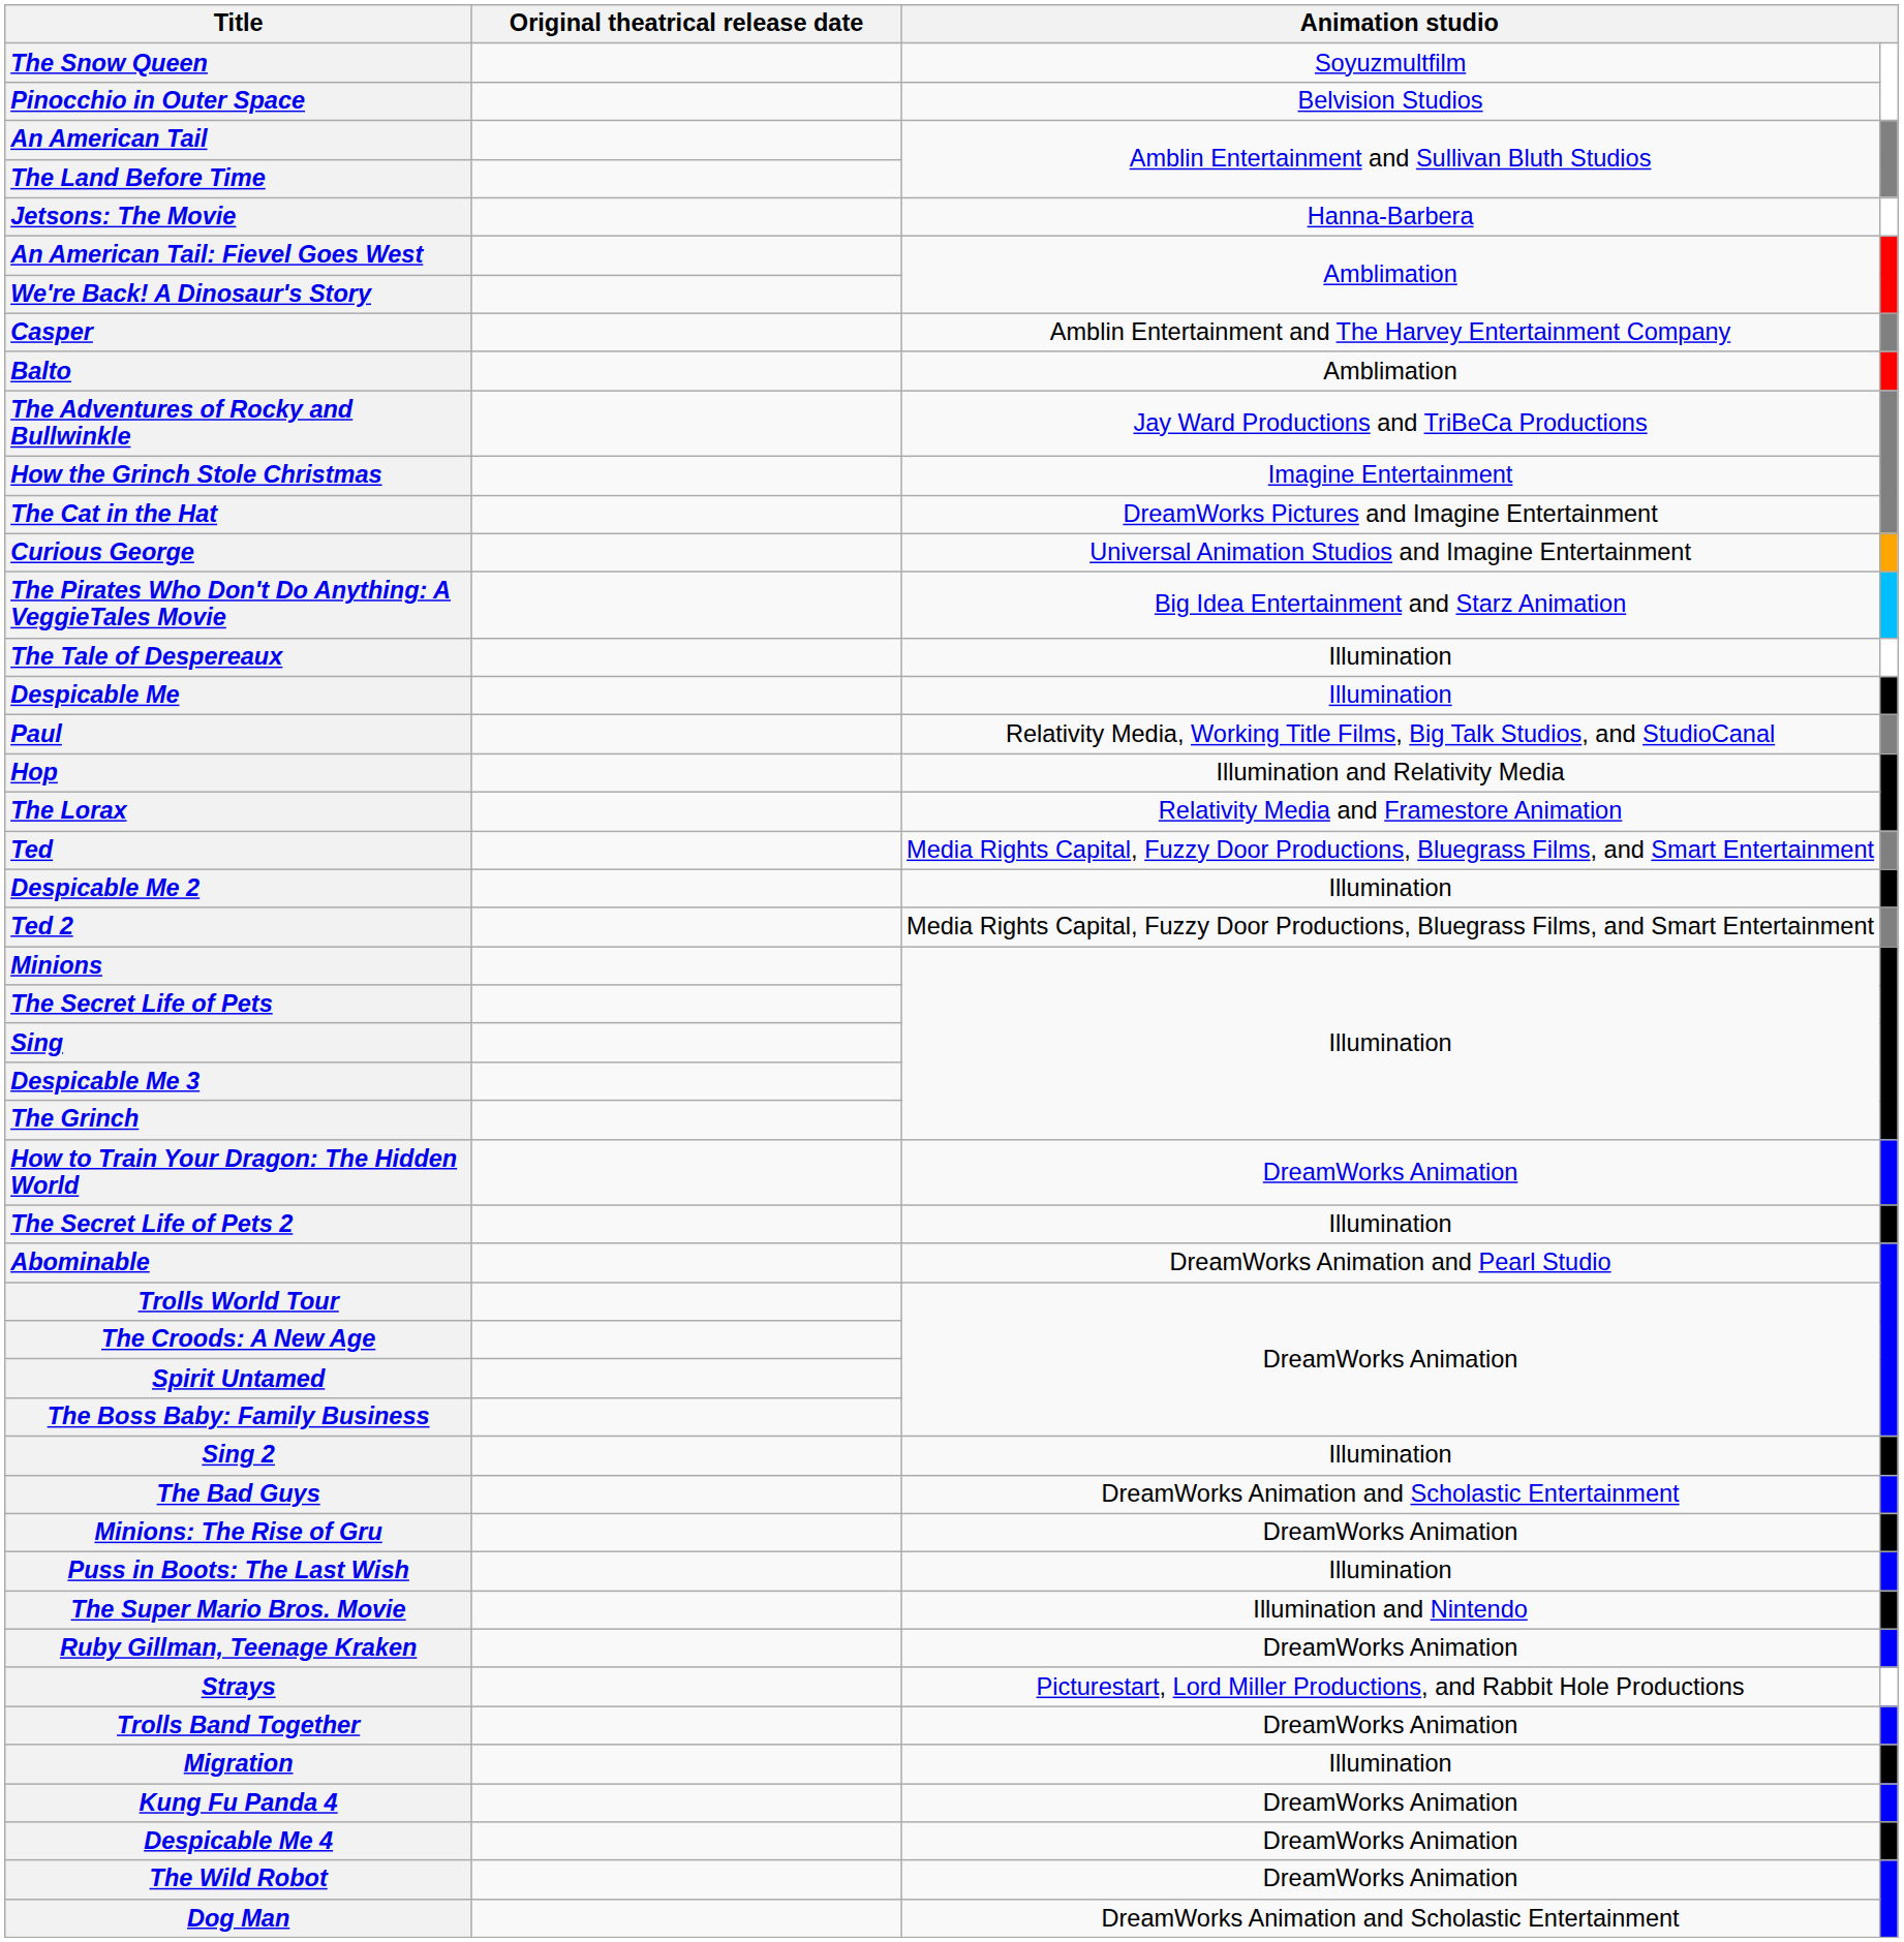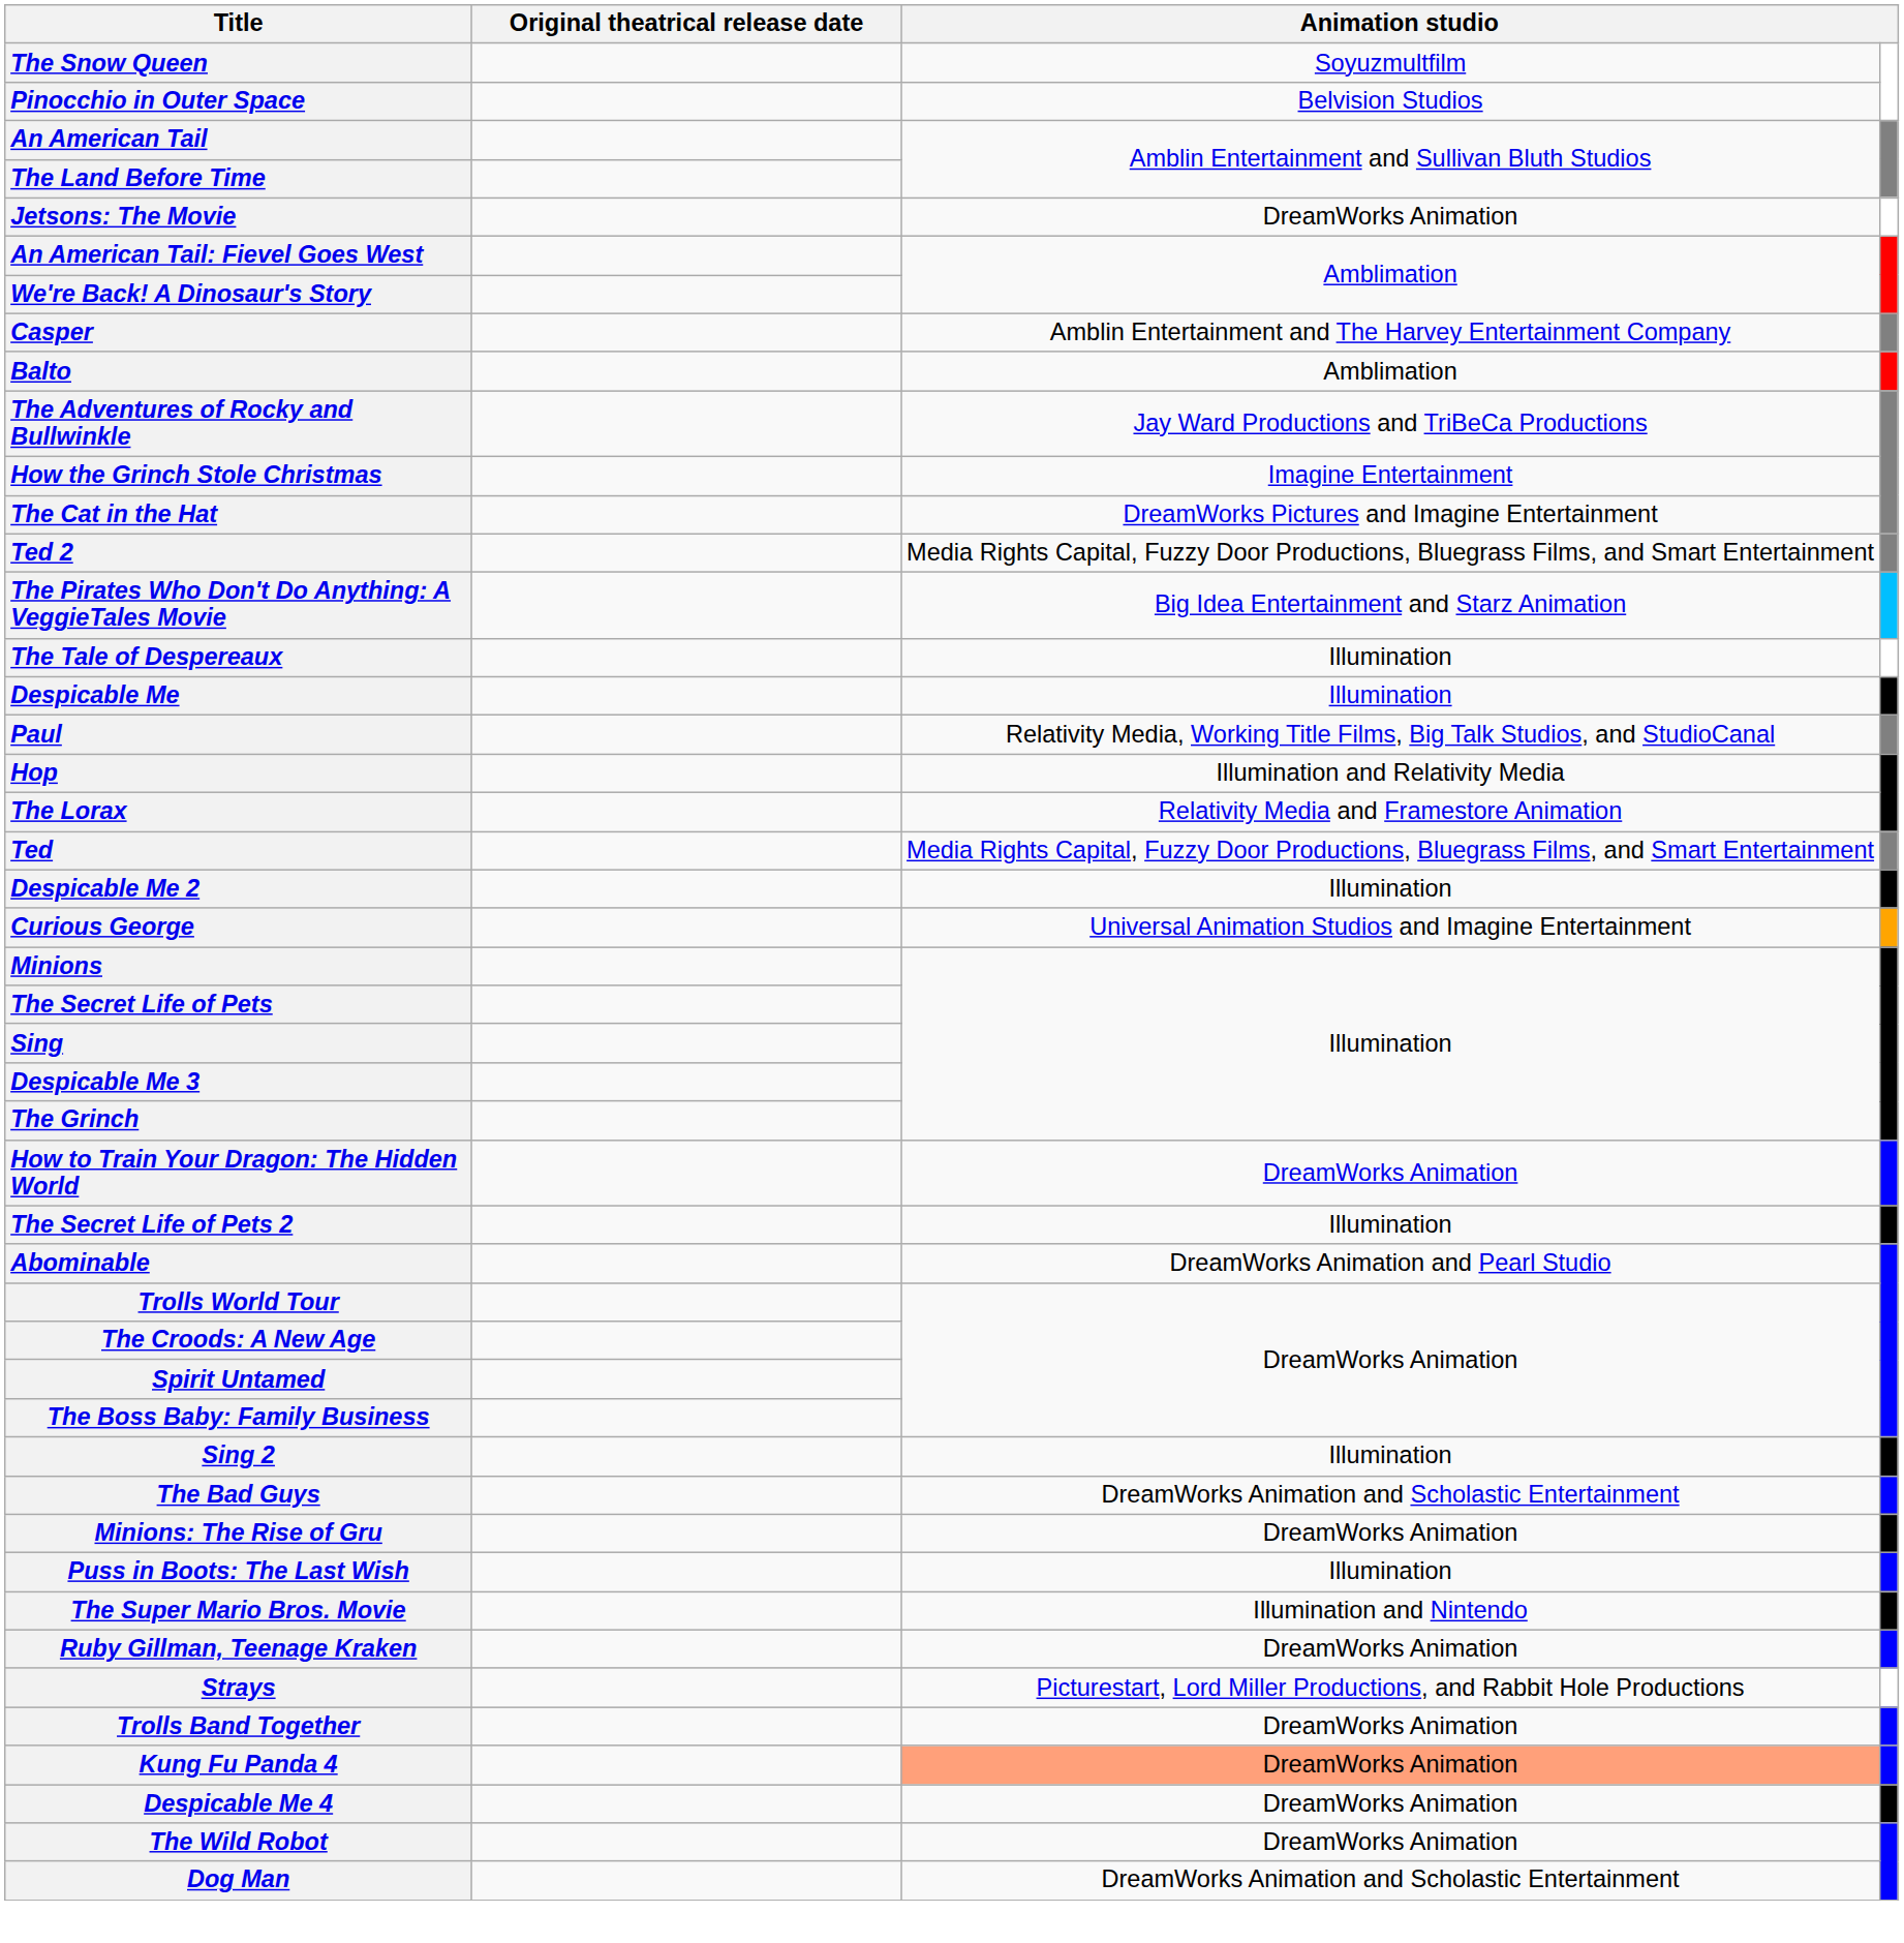 <table class="wikitable sortable plainrowheaders">
 <tr style="color:black">
 <th scope="col" style="width:300px;">Title</th>
 <th scope="col" style="width:275px;">Original theatrical release date </th>
 <th colspan="2" scope="col" style="padding:0 8px; width:225px;">Animation studio</th>
 </tr>
 <tr>
 <th scope="row" style="text-align:left;"><em><a href='#'>The Snow Queen</a></em></th>
 <td> </td>
 <td align="center"><a href='#'>Soyuzmultfilm</a></td>
 <td rowspan="2" style="background:white; "> </td>
 </tr>
 <tr>
 <th scope="row" style="text-align:left;"><em><a href='#'>Pinocchio in Outer Space</a></em></th>
 <td> </td>
 <td align="center"><a href='#'>Belvision Studios</a></td>
 </tr>
 <tr>
 <th scope="row" style="text-align:left;"><em><a href='#'>An American Tail</a></em></th>
 <td> </td>
 <td rowspan="2" style="text-align:center;"><a href='#'>Amblin Entertainment</a> and <a href='#'>Sullivan Bluth Studios</a></td>
 <td rowspan="2" style="background:grey; "> </td>
 </tr>
 <tr>
 <th scope="row" style="text-align:left;"><em><a href='#'>The Land Before Time</a></em></th>
 <td> </td>
 </tr>
 <tr>
 <th scope="row" style="text-align:left;"><em><a href='#'>Jetsons: The Movie</a></em></th>
 <td> </td>
-<td align="center"><a href='#'>Hanna-Barbera</a></td>
+<td style="text-align:center;">DreamWorks Animation</td>
 <td style="background:white; "> </td>
 </tr>
 <tr>
 <th scope="row" style="text-align:left;"><em><a href='#'>An American Tail: Fievel Goes West</a></em></th>
 <td> </td>
 <td rowspan="2" style="text-align:center;"><a href='#'>Amblimation</a></td>
 <td rowspan="2" style="background:red; "> </td>
 </tr>
 <tr>
 <th scope="row" style="text-align:left;"><em><a href='#'>We're Back! A Dinosaur's Story</a></em></th>
 <td> </td>
 </tr>
 <tr>
 <th scope="row" style="text-align:left;"><em><a href='#'>Casper</a></em></th>
 <td> </td>
 <td align="center">Amblin Entertainment and <a href='#'>The Harvey Entertainment Company</a></td>
 <td style="background:grey; "> </td>
 </tr>
 <tr>
 <th scope="row" style="text-align:left;"><em><a href='#'>Balto</a></em></th>
 <td> </td>
 <td align="center">Amblimation</td>
 <td style="background:red; "> </td>
 </tr>
 <tr>
 <th scope="row" style="text-align:left;"><em><a href='#'>The Adventures of Rocky and Bullwinkle</a></em></th>
 <td> </td>
 <td align="center"><a href='#'>Jay Ward Productions</a> and <a href='#'>TriBeCa Productions</a></td>
 <td rowspan="3" style="background:grey; "> </td>
 </tr>
 <tr>
 <th scope="row" style="text-align:left;"><em><a href='#'>How the Grinch Stole Christmas</a></em></th>
 <td> </td>
 <td align="center"><a href='#'>Imagine Entertainment</a></td>
 </tr>
 <tr>
 <th scope="row" style="text-align:left;"><em><a href='#'>The Cat in the Hat</a></em></th>
 <td> </td>
 <td align="center"><a href='#'>DreamWorks Pictures</a> and Imagine Entertainment</td>
 </tr>
 <tr>
-<th scope="row" style="text-align:left;"><em><a href='#'>Curious George</a></em></th>
+<th scope="row" style="text-align:left;"><em><a href='#'>Ted 2</a></em></th>
 <td> </td>
-<td style="text-align:center;"><a href='#'>Universal Animation Studios</a> and Imagine Entertainment</td>
-<td style="background:orange; "> </td>
+<td align="center">Media Rights Capital, Fuzzy Door Productions, Bluegrass Films, and Smart Entertainment</td>
+<td style="background:grey; "> </td>
 </tr>
 <tr>
 <th scope="row" style="text-align:left;"><em><a href='#'>The Pirates Who Don't Do Anything: A VeggieTales Movie</a></em></th>
 <td> </td>
 <td align="center"><a href='#'>Big Idea Entertainment</a> and <a href='#'>Starz Animation</a></td>
 <td style="background:#00bfff; "> </td>
 </tr>
 <tr>
 <th scope="row" style="text-align:left;"><em><a href='#'>The Tale of Despereaux</a></em></th>
 <td> </td>
 <td align="center">Illumination</td>
 <td style="background:white; "> </td>
 </tr>
 <tr>
 <th scope="row" style="text-align:left;"><em><a href='#'>Despicable Me</a></em></th>
 <td> </td>
 <td align="center"><a href='#'>Illumination</a></td>
 <td style="background:black; "> </td>
 </tr>
 <tr>
 <th scope="row" style="text-align:left;"><em><a href='#'>Paul</a></em></th>
 <td> </td>
 <td align="center">Relativity Media, <a href='#'>Working Title Films</a>, <a href='#'>Big Talk Studios</a>, and <a href='#'>StudioCanal</a></td>
 <td style="background:grey; "> </td>
 </tr>
 <tr>
 <th scope="row" style="text-align:left;"><em><a href='#'>Hop</a></em></th>
 <td> </td>
 <td align="center">Illumination and Relativity Media</td>
 <td rowspan="2" style="background:black; "> </td>
 </tr>
 <tr>
 <th scope="row" style="text-align:left;"><em><a href='#'>The Lorax</a></em></th>
 <td> </td>
 <td style="text-align:center;"><a href='#'>Relativity Media</a> and <a href='#'>Framestore Animation</a></td>
 </tr>
 <tr>
 <th scope="row" style="text-align:left;"><em><a href='#'>Ted</a></em></th>
 <td> </td>
 <td align="center"><a href='#'>Media Rights Capital</a>, <a href='#'>Fuzzy Door Productions</a>, <a href='#'>Bluegrass Films</a>, and <a href='#'>Smart Entertainment</a></td>
 <td style="background:grey; "> </td>
 </tr>
 <tr>
 <th scope="row" style="text-align:left;"><em><a href='#'>Despicable Me 2</a></em></th>
 <td> </td>
 <td align="center">Illumination</td>
 <td style="background:black; "> </td>
 </tr>
 <tr>
-<th scope="row" style="text-align:left;"><em><a href='#'>Ted 2</a></em></th>
+<th scope="row" style="text-align:left;"><em><a href='#'>Curious George</a></em></th>
 <td> </td>
-<td align="center">Media Rights Capital, Fuzzy Door Productions, Bluegrass Films, and Smart Entertainment</td>
-<td style="background:grey; "> </td>
+<td style="text-align:center;"><a href='#'>Universal Animation Studios</a> and Imagine Entertainment</td>
+<td style="background:orange; "> </td>
 </tr>
 <tr>
 <th scope="row" style="text-align:left;"><em><a href='#'>Minions</a></em></th>
 <td> </td>
 <td rowspan="5" align="center">Illumination</td>
 <td rowspan="5" style="background:black; "> </td>
 </tr>
 <tr>
 <th scope="row" style="text-align:left;"><em><a href='#'>The Secret Life of Pets</a></em></th>
 <td> </td>
 </tr>
 <tr>
 <th scope="row" style="text-align:left;"><em><a href='#'>Sing</a></em></th>
 <td> </td>
 </tr>
 <tr>
 <th scope="row" style="text-align:left;"><em><a href='#'>Despicable Me 3</a></em></th>
 <td> </td>
 </tr>
 <tr>
 <th scope="row" style="text-align:left;"><em><a href='#'>The Grinch</a></em></th>
 <td> </td>
 </tr>
 <tr>
 <th scope="row" style="text-align:left;"><em><a href='#'>How to Train Your Dragon: The Hidden World</a></em></th>
 <td> </td>
 <td style="text-align:center;"><a href='#'>DreamWorks Animation</a></td>
 <td style="background:blue; "> </td>
 </tr>
 <tr>
 <th scope="row" style="text-align:left;"><em><a href='#'>The Secret Life of Pets 2</a></em></th>
 <td></td>
 <td style="text-align:center;">Illumination</td>
 <td style="background:black; "> </td>
 </tr>
 <tr>
 <th scope="row" style="text-align:left;"><em><a href='#'>Abominable</a></em></th>
 <td></td>
 <td style="text-align:center;">DreamWorks Animation and <a href='#'>Pearl Studio</a></td>
 <td rowspan="5" style="background:blue; "> </td>
 </tr>
 <tr>
 <th scope="row"><em><a href='#'>Trolls World Tour</a></em></th>
 <td></td>
 <td rowspan="4" style="text-align:center;">DreamWorks Animation</td>
 </tr>
 <tr>
 <th scope="row"><em><a href='#'>The Croods: A New Age</a></em></th>
 <td></td>
 </tr>
 <tr>
 <th scope="row"><em><a href='#'>Spirit Untamed</a></em></th>
 <td></td>
 </tr>
 <tr>
 <th scope="row"><em><a href='#'>The Boss Baby: Family Business</a></em></th>
 <td></td>
 </tr>
 <tr>
 <th scope="row"><em><a href='#'>Sing 2</a></em></th>
 <td></td>
 <td style="text-align:center;">Illumination</td>
 <td style="background:black; "> </td>
 </tr>
 <tr>
 <th scope="row"><em><a href='#'>The Bad Guys</a></em></th>
 <td></td>
 <td style="text-align:center;">DreamWorks Animation and <a href='#'>Scholastic Entertainment</a></td>
 <td style="background:blue; "> </td>
 </tr>
 <tr>
 <th scope="row"><em><a href='#'>Minions: The Rise of Gru</a></em></th>
 <td></td>
 <td style="text-align:center;">DreamWorks Animation</td>
 <td style="background:black; "> </td>
 </tr>
 <tr>
 <th scope="row"><em><a href='#'>Puss in Boots: The Last Wish</a></em></th>
 <td></td>
 <td style="text-align:center;">Illumination</td>
 <td style="background:blue; "> </td>
 </tr>
 <tr>
 <th scope="row"><em><a href='#'>The Super Mario Bros. Movie</a></em></th>
 <td></td>
 <td style="text-align:center;">Illumination and <a href='#'>Nintendo</a></td>
 <td style="background:black; "> </td>
 </tr>
 <tr>
 <th scope="row"><em><a href='#'>Ruby Gillman, Teenage Kraken</a></em></th>
 <td></td>
 <td style="text-align:center;">DreamWorks Animation</td>
 <td style="background:blue; "> </td>
 </tr>
 <tr>
 <th scope="row"><em><a href='#'>Strays</a></em></th>
 <td></td>
 <td style="text-align:center;"><a href='#'>Picturestart</a>, <a href='#'>Lord Miller Productions</a>, and Rabbit Hole Productions</td>
 <td style="background:white; "> </td>
 </tr>
 <tr>
 <th scope="row"><em><a href='#'>Trolls Band Together</a></em></th>
 <td></td>
 <td style="text-align:center;">DreamWorks Animation</td>
 <td style="background:blue; "> </td>
 </tr>
 <tr>
-<th scope="row"><em><a href='#'>Migration</a></em></th>
-<td></td>
-<td style="text-align:center;">Illumination</td>
-<td Style="Background:black;"> </td>
-</tr>
-<tr>
 <th scope="row"><em><a href='#'>Kung Fu Panda 4</a></em></th>
 <td></td>
-<td style="text-align:center;">DreamWorks Animation</td>
+<td style="background: lightsalmon; text-align:center;">DreamWorks Animation</td>
 <td style="background:blue; "> </td>
 </tr>
 <tr>
 <th scope="row"><em><a href='#'>Despicable Me 4</a></em></th>
 <td></td>
 <td style="text-align:center;">DreamWorks Animation</td>
 <td style="background:black; "> </td>
 </tr>
 <tr>
 <th scope="row"><em><a href='#'>The Wild Robot</a></em></th>
 <td></td>
 <td style="text-align:center;">DreamWorks Animation</td>
 <td rowspan="2" style="background:blue; "> </td>
 </tr>
 <tr>
 <th scope="row"><em><a href='#'>Dog Man</a></em></th>
 <td></td>
 <td style="text-align:center;">DreamWorks Animation and Scholastic Entertainment</td>
 </tr>
 </table>
